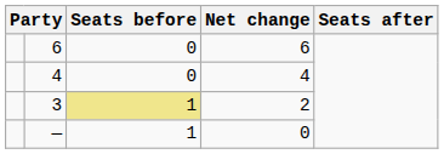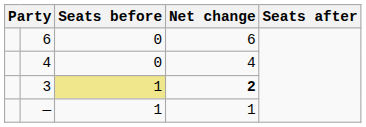 <table class=wikitable style="text-align:right">
 <tr>
 <th colspan="2">Party</th>
 <th>Seats before</th>
 <th>Net change</th>
 <th>Seats after</th>
 </tr>
 <tr>
 <td></td>
 <td>6</td>
 <td> 0</td>
 <td>6</td>
 </tr>
 <tr>
 <td></td>
 <td>4</td>
 <td> 0</td>
 <td>4</td>
 </tr>
 <tr>
 <td></td>
 <td>3</td>
 <td style="background: khaki;"> 1</td>
-<td>2</td>
+<td><strong>2</strong></td>
 </tr>
 <tr>
 <td></td>
 <td>—</td>
 <td> 1</td>
-<td>0</td>
+<td>1</td>
 </tr>
 </table>
